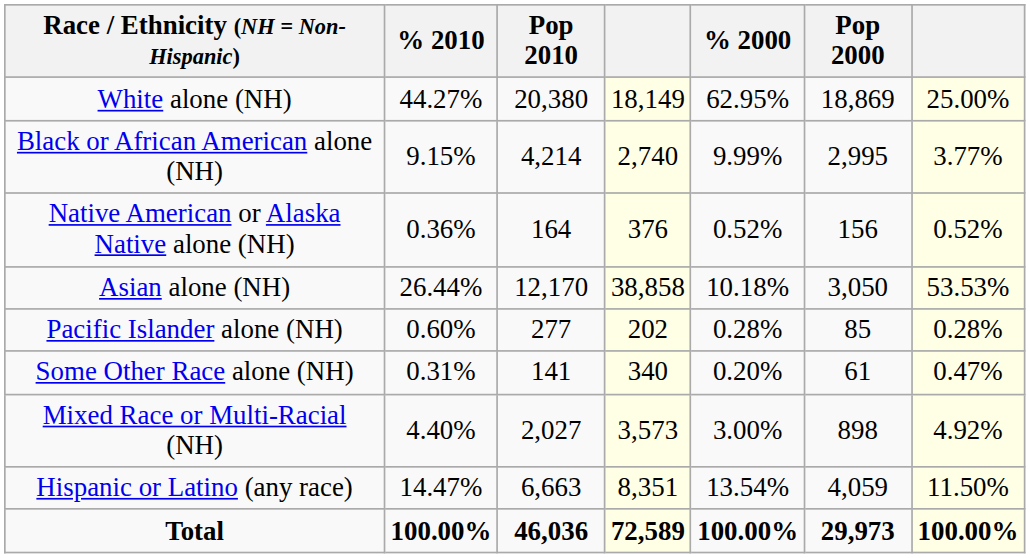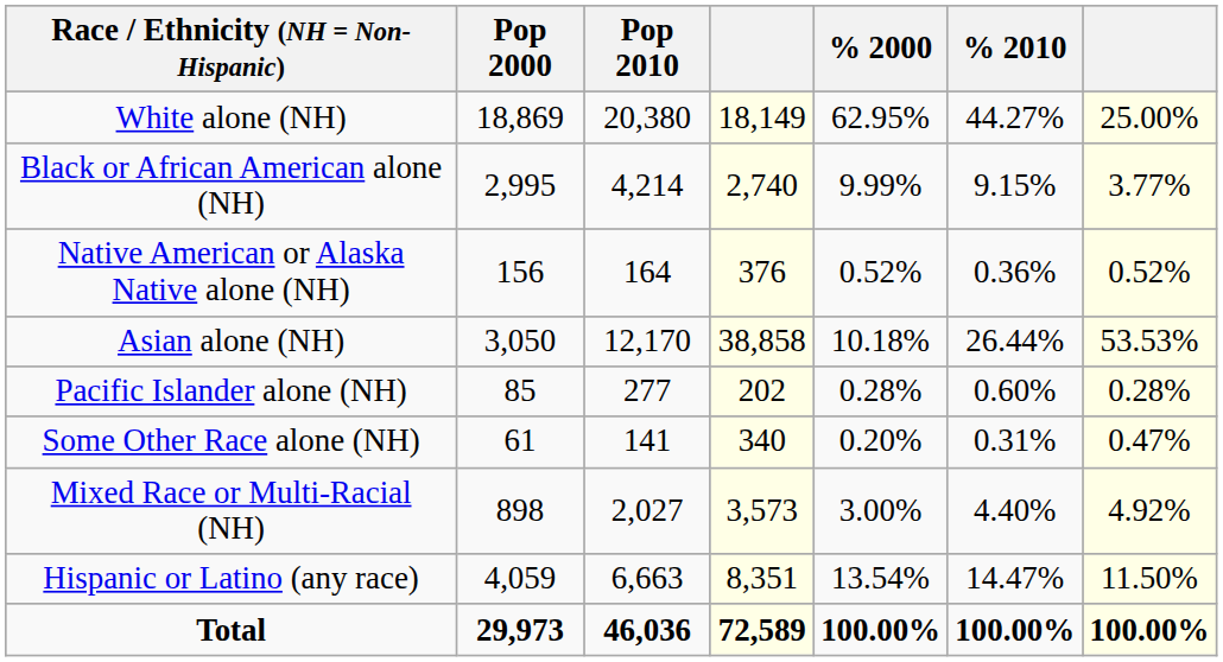 <table class="wikitable" style="text-align:center;">
 <tr>
 <th>Race / Ethnicity <small>(<em>NH = Non-Hispanic</em>)</small></th>
-<th>% 2010</th>
+<th>Pop 2000</th>
 <th>Pop 2010</th>
 <th></th>
 <th>% 2000</th>
-<th>Pop 2000</th>
+<th>% 2010</th>
 <th></th>
 </tr>
 <tr>
 <td><a href='#'>White</a> alone (NH)</td>
-<td>44.27%</td>
+<td>18,869</td>
 <td>20,380</td>
 <td style='background: #ffffe6;'>18,149</td>
 <td>62.95%</td>
-<td>18,869</td>
+<td>44.27%</td>
 <td style='background: #ffffe6;'>25.00%</td>
 </tr>
 <tr>
 <td><a href='#'>Black or African American</a> alone (NH)</td>
-<td>9.15%</td>
+<td>2,995</td>
 <td>4,214</td>
 <td style='background: #ffffe6;'>2,740</td>
 <td>9.99%</td>
-<td>2,995</td>
+<td>9.15%</td>
 <td style='background: #ffffe6;'>3.77%</td>
 </tr>
 <tr>
 <td><a href='#'>Native American</a> or <a href='#'>Alaska Native</a> alone (NH)</td>
-<td>0.36%</td>
+<td>156</td>
 <td>164</td>
 <td style='background: #ffffe6;'>376</td>
 <td>0.52%</td>
-<td>156</td>
+<td>0.36%</td>
 <td style='background: #ffffe6;'>0.52%</td>
 </tr>
 <tr>
 <td><a href='#'>Asian</a> alone (NH)</td>
-<td>26.44%</td>
+<td>3,050</td>
 <td>12,170</td>
 <td style='background: #ffffe6;'>38,858</td>
 <td>10.18%</td>
-<td>3,050</td>
+<td>26.44%</td>
 <td style='background: #ffffe6;'>53.53%</td>
 </tr>
 <tr>
 <td><a href='#'>Pacific Islander</a> alone (NH)</td>
-<td>0.60%</td>
+<td>85</td>
 <td>277</td>
 <td style='background: #ffffe6;'>202</td>
 <td>0.28%</td>
-<td>85</td>
+<td>0.60%</td>
 <td style='background: #ffffe6;'>0.28%</td>
 </tr>
 <tr>
 <td><a href='#'>Some Other Race</a> alone (NH)</td>
-<td>0.31%</td>
+<td>61</td>
 <td>141</td>
 <td style='background: #ffffe6;'>340</td>
 <td>0.20%</td>
-<td>61</td>
+<td>0.31%</td>
 <td style='background: #ffffe6;'>0.47%</td>
 </tr>
 <tr>
 <td><a href='#'>Mixed Race or Multi-Racial</a> (NH)</td>
-<td>4.40%</td>
+<td>898</td>
 <td>2,027</td>
 <td style='background: #ffffe6;'>3,573</td>
 <td>3.00%</td>
-<td>898</td>
+<td>4.40%</td>
 <td style='background: #ffffe6;'>4.92%</td>
 </tr>
 <tr>
 <td><a href='#'>Hispanic or Latino</a> (any race)</td>
-<td>14.47%</td>
+<td>4,059</td>
 <td>6,663</td>
 <td style='background: #ffffe6;'>8,351</td>
 <td>13.54%</td>
-<td>4,059</td>
+<td>14.47%</td>
 <td style='background: #ffffe6;'>11.50%</td>
 </tr>
 <tr>
 <td><strong>Total</strong></td>
-<td><strong>100.00%</strong></td>
+<td><strong>29,973</strong></td>
 <td><strong>46,036</strong></td>
 <td style='background: #ffffe6;'><strong>72,589</strong></td>
 <td><strong>100.00%</strong></td>
-<td><strong>29,973</strong></td>
+<td><strong>100.00%</strong></td>
 <td style='background: #ffffe6;'><strong>100.00%</strong></td>
 </tr>
 </table>
